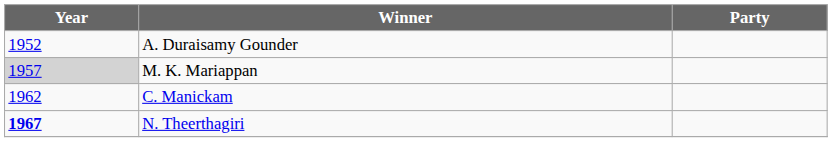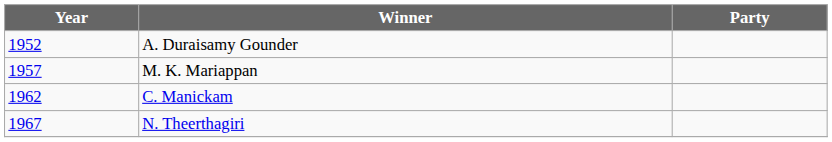 <table class="wikitable" width="50%">
 <tr>
 <th style="background-color:#666666; color:white">Year</th>
 <th style="background-color:#666666; color:white">Winner</th>
 <th style="background-color:#666666; color:white" colspan="2">Party</th>
 </tr>
 <tr>
 <td><a href='#'>1952</a></td>
 <td>A. Duraisamy Gounder</td>
 <td></td>
 </tr>
 <tr>
-<td style="background: lightgrey;"><a href='#'>1957</a></td>
+<td><a href='#'>1957</a></td>
 <td>M. K. Mariappan</td>
 </tr>
 <tr>
 <td><a href='#'>1962</a></td>
 <td><a href='#'>C. Manickam</a></td>
 <td></td>
 </tr>
 <tr>
-<td><strong><a href='#'>1967</a></strong></td>
+<td><a href='#'>1967</a></td>
 <td><a href='#'>N. Theerthagiri</a></td>
 <td></td>
 </tr>
 <tr>
 </tr>
 </table>
